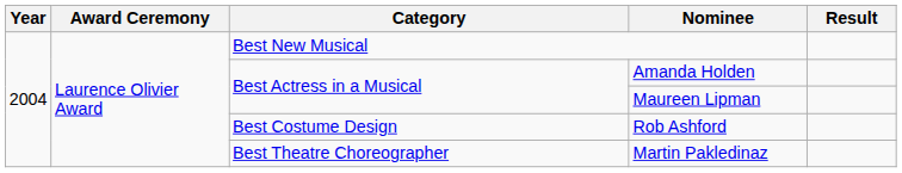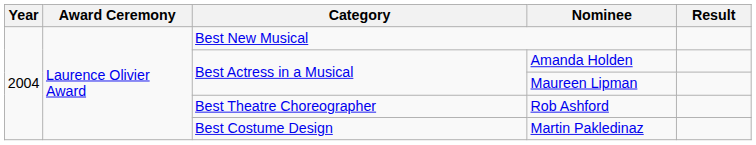 <table class="wikitable" width="95%">
 <tr>
 <th width="5%">Year</th>
 <th width="20%">Award Ceremony</th>
 <th width="45%">Category</th>
 <th width="20%">Nominee</th>
 <th width="10%">Result</th>
 </tr>
 <tr>
 <td rowspan="5" align="center">2004</td>
 <td rowspan="5"><a href='#'>Laurence Olivier Award</a></td>
 <td colspan="2"><a href='#'>Best New Musical</a></td>
 <td></td>
 </tr>
 <tr>
 <td rowspan="2"><a href='#'>Best Actress in a Musical</a></td>
 <td><a href='#'>Amanda Holden</a></td>
 <td></td>
 </tr>
 <tr>
 <td><a href='#'>Maureen Lipman</a></td>
 <td></td>
 </tr>
 <tr>
-<td rowspan="1"><a href='#'>Best Costume Design</a></td>
+<td rowspan="1"><a href='#'>Best Theatre Choreographer</a></td>
 <td><a href='#'>Rob Ashford</a></td>
 <td></td>
 </tr>
 <tr>
-<td rowspan="1"><a href='#'>Best Theatre Choreographer</a></td>
+<td rowspan="1"><a href='#'>Best Costume Design</a></td>
 <td><a href='#'>Martin Pakledinaz</a></td>
 <td></td>
 </tr>
 </table>
